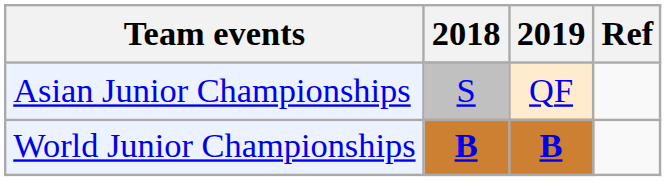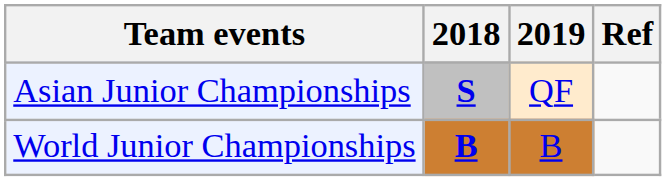 <table class="wikitable" style="font-size: 90%; text-align:center">
 <tr>
 <th>Team events</th>
 <th>2018</th>
 <th>2019</th>
 <th>Ref</th>
 </tr>
 <tr>
 <td bgcolor="#ECF2FF"; align="left"><a href='#'>Asian Junior Championships</a></td>
-<td bgcolor=silver><a href='#'>S</a></td>
+<td bgcolor=silver><strong><a href='#'>S</a></strong></td>
 <td bgcolor=FFEBCD><a href='#'>QF</a></td>
 </tr>
 <tr>
 <td bgcolor="#ECF2FF"; align="left"><a href='#'>World Junior Championships</a></td>
 <td bgcolor=CD7F32><strong><a href='#'>B</a></strong></td>
-<td bgcolor=CD7F32><strong><a href='#'>B</a></strong></td>
+<td bgcolor=CD7F32><a href='#'>B</a></td>
 <td></td>
 </tr>
 </table>
